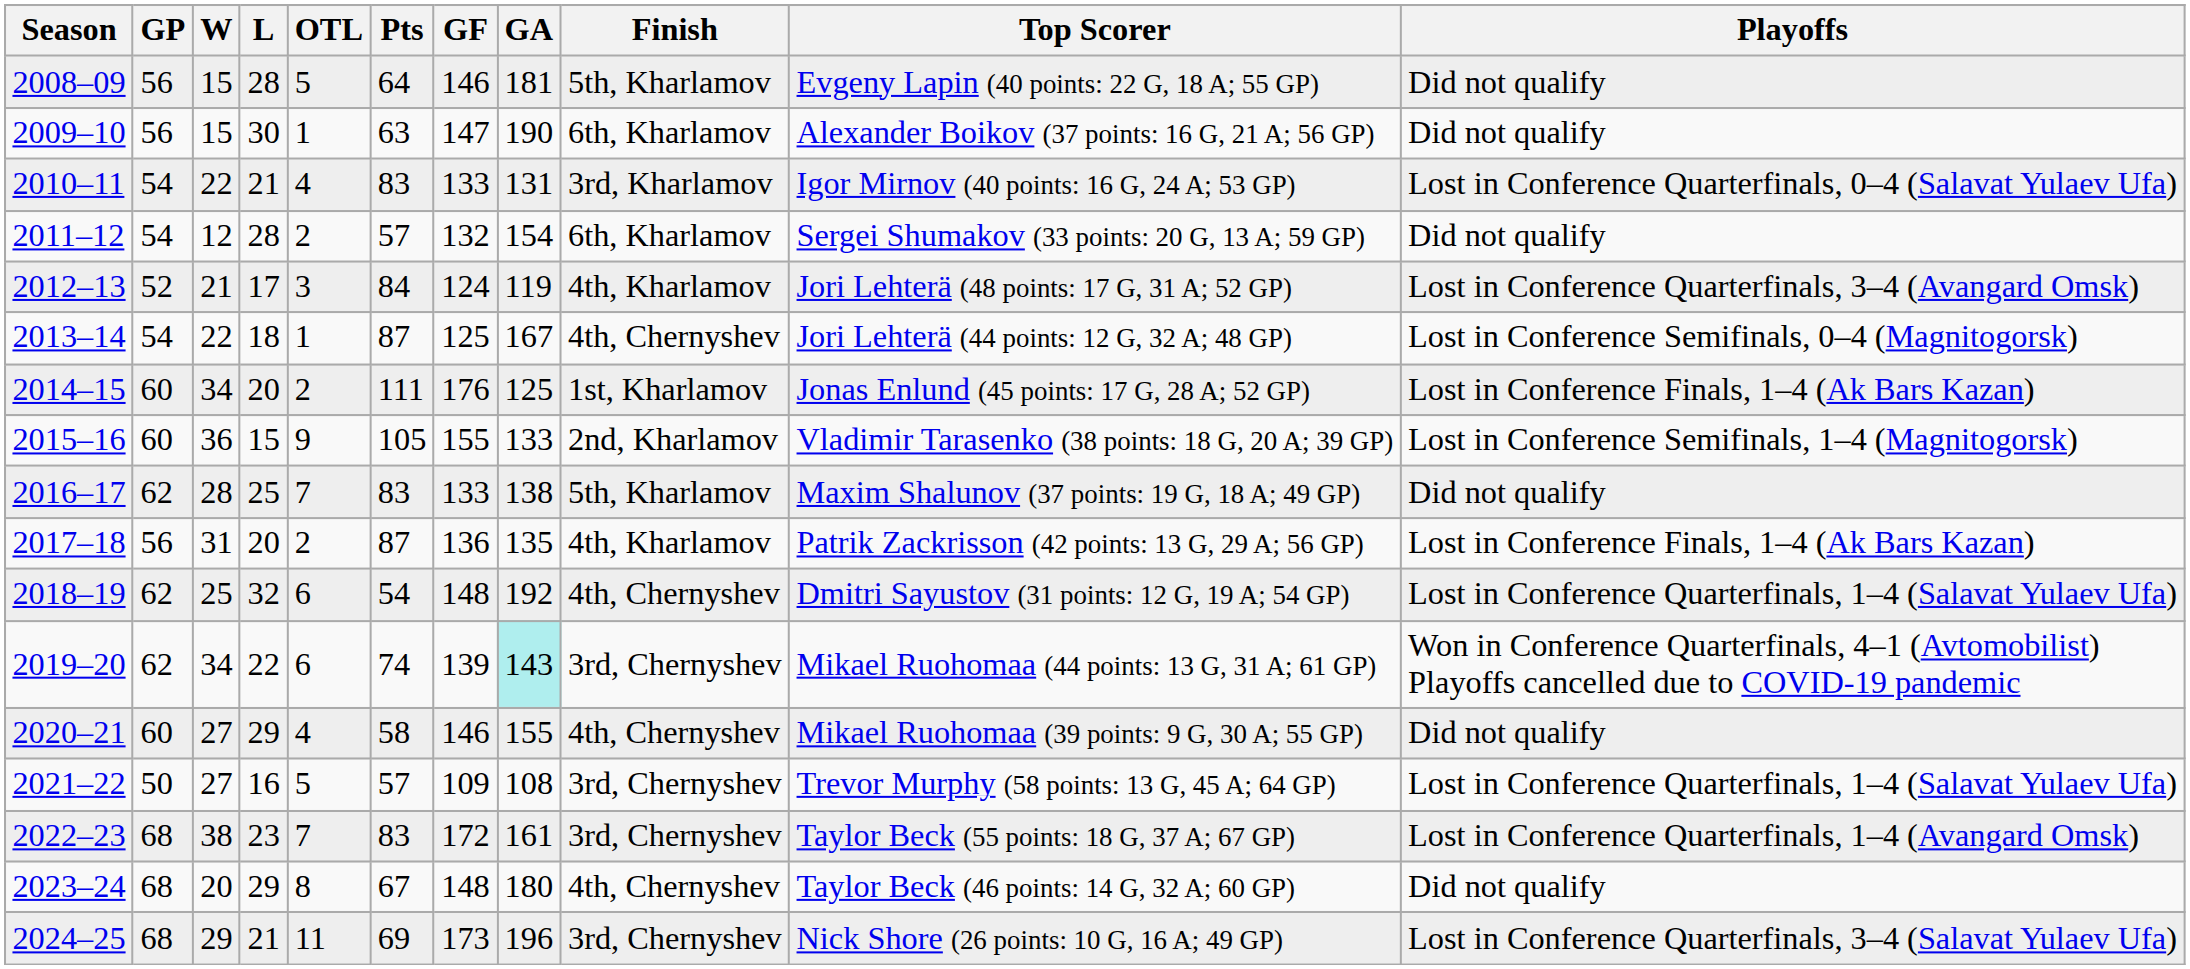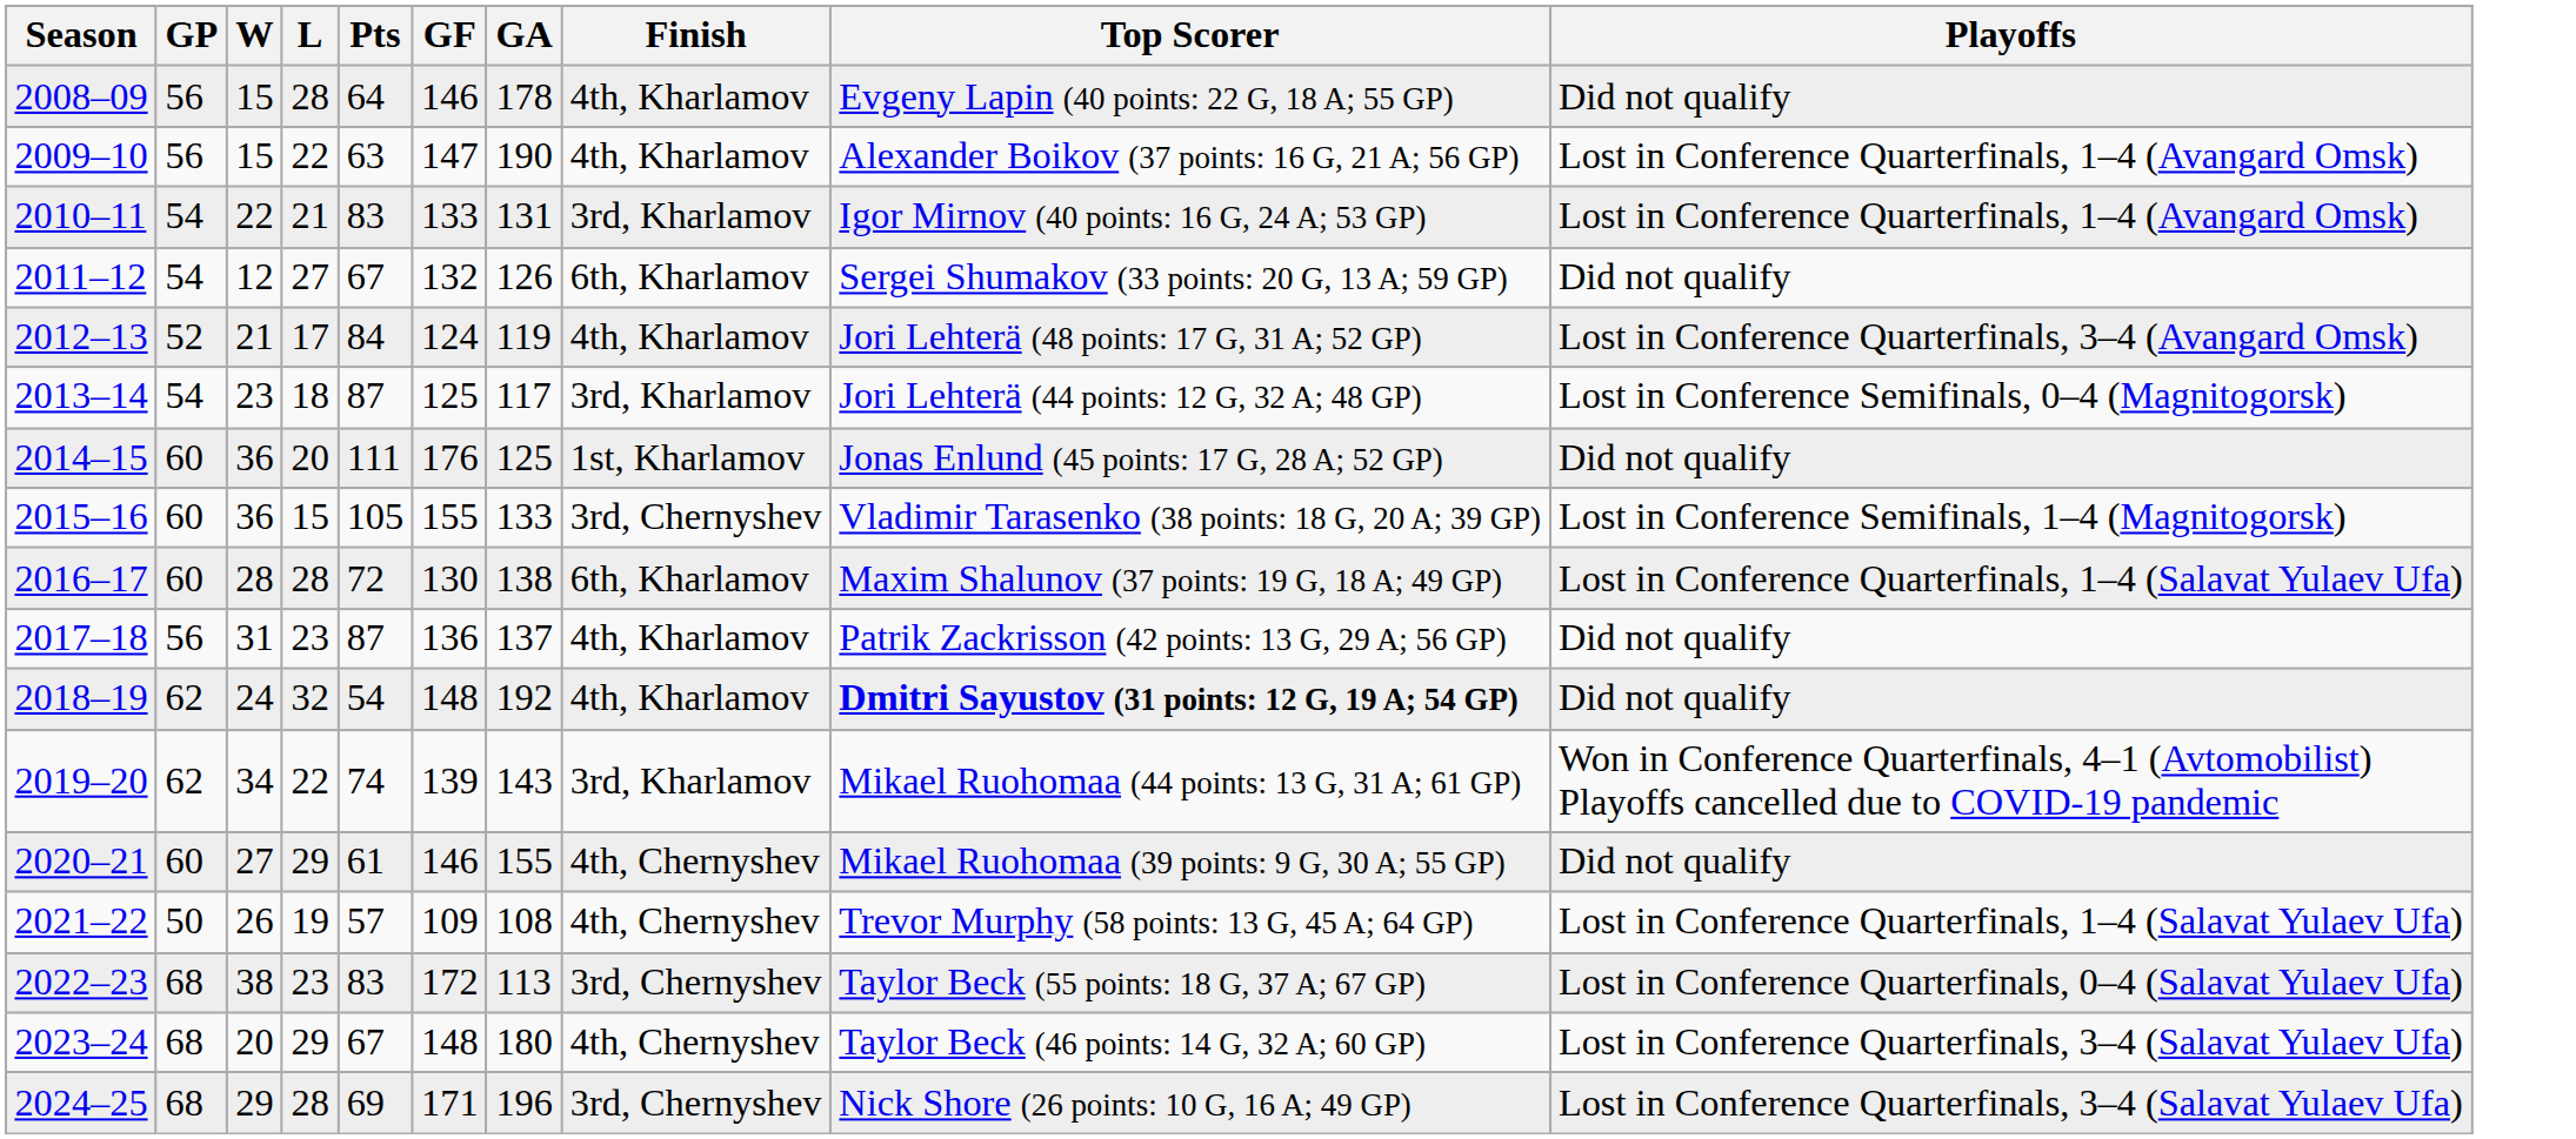 <table class="wikitable">
 <tr>
 <th>Season</th>
 <th>GP</th>
 <th>W</th>
 <th>L</th>
-<th>OTL</th>
 <th>Pts</th>
 <th>GF</th>
 <th>GA</th>
 <th>Finish</th>
 <th>Top Scorer</th>
 <th>Playoffs</th>
 </tr>
 <tr style="background:#eee;">
 <td><a href='#'>2008–09</a></td>
 <td>56</td>
 <td>15</td>
 <td>28</td>
-<td>5</td>
 <td>64</td>
 <td>146</td>
-<td>181</td>
-<td>5th, Kharlamov</td>
+<td>178</td>
+<td>4th, Kharlamov</td>
 <td><a href='#'>Evgeny Lapin</a> <small>(40 points: 22 G, 18 A; 55 GP)</small></td>
 <td>Did not qualify</td>
 </tr>
 <tr>
 <td><a href='#'>2009–10</a></td>
 <td>56</td>
 <td>15</td>
-<td>30</td>
-<td>1</td>
+<td>22</td>
 <td>63</td>
 <td>147</td>
 <td>190</td>
-<td>6th, Kharlamov</td>
+<td>4th, Kharlamov</td>
 <td><a href='#'>Alexander Boikov</a> <small>(37 points: 16 G, 21 A; 56 GP)</small></td>
-<td>Did not qualify</td>
+<td>Lost in Conference Quarterfinals, 1–4 (<a href='#'>Avangard Omsk</a>)</td>
 </tr>
 <tr style="background:#eee;">
 <td><a href='#'>2010–11</a></td>
 <td>54</td>
 <td>22</td>
 <td>21</td>
-<td>4</td>
 <td>83</td>
 <td>133</td>
 <td>131</td>
 <td>3rd, Kharlamov</td>
 <td><a href='#'>Igor Mirnov</a> <small>(40 points: 16 G, 24 A; 53 GP)</small></td>
-<td>Lost in Conference Quarterfinals, 0–4 (<a href='#'>Salavat Yulaev Ufa</a>)</td>
+<td>Lost in Conference Quarterfinals, 1–4 (<a href='#'>Avangard Omsk</a>)</td>
 </tr>
 <tr>
 <td><a href='#'>2011–12</a></td>
 <td>54</td>
 <td>12</td>
-<td>28</td>
-<td>2</td>
-<td>57</td>
+<td>27</td>
+<td>67</td>
 <td>132</td>
-<td>154</td>
+<td>126</td>
 <td>6th, Kharlamov</td>
 <td><a href='#'>Sergei Shumakov</a> <small>(33 points: 20 G, 13 A; 59 GP)</small></td>
 <td>Did not qualify</td>
 </tr>
 <tr style="background:#eee;">
 <td><a href='#'>2012–13</a></td>
 <td>52</td>
 <td>21</td>
 <td>17</td>
-<td>3</td>
 <td>84</td>
 <td>124</td>
 <td>119</td>
 <td>4th, Kharlamov</td>
 <td><a href='#'>Jori Lehterä</a> <small>(48 points: 17 G, 31 A; 52 GP)</small></td>
 <td>Lost in Conference Quarterfinals, 3–4 (<a href='#'>Avangard Omsk</a>)</td>
 </tr>
 <tr>
 <td><a href='#'>2013–14</a></td>
 <td>54</td>
-<td>22</td>
+<td>23</td>
 <td>18</td>
-<td>1</td>
 <td>87</td>
 <td>125</td>
-<td>167</td>
-<td>4th, Chernyshev</td>
+<td>117</td>
+<td>3rd, Kharlamov</td>
 <td><a href='#'>Jori Lehterä</a> <small>(44 points: 12 G, 32 A; 48 GP)</small></td>
 <td>Lost in Conference Semifinals, 0–4 (<a href='#'>Magnitogorsk</a>)</td>
 </tr>
 <tr style="background:#eee;">
 <td><a href='#'>2014–15</a></td>
 <td>60</td>
-<td>34</td>
+<td>36</td>
 <td>20</td>
-<td>2</td>
 <td>111</td>
 <td>176</td>
 <td>125</td>
 <td>1st, Kharlamov</td>
 <td><a href='#'>Jonas Enlund</a> <small>(45 points: 17 G, 28 A; 52 GP)</small></td>
-<td>Lost in Conference Finals, 1–4 (<a href='#'>Ak Bars Kazan</a>)</td>
+<td>Did not qualify</td>
 </tr>
 <tr>
 <td><a href='#'>2015–16</a></td>
 <td>60</td>
 <td>36</td>
 <td>15</td>
-<td>9</td>
 <td>105</td>
 <td>155</td>
 <td>133</td>
-<td>2nd, Kharlamov</td>
+<td>3rd, Chernyshev</td>
 <td><a href='#'>Vladimir Tarasenko</a> <small>(38 points: 18 G, 20 A; 39 GP)</small></td>
 <td>Lost in Conference Semifinals, 1–4 (<a href='#'>Magnitogorsk</a>)</td>
 </tr>
 <tr style="background:#eee;">
 <td><a href='#'>2016–17</a></td>
-<td>62</td>
+<td>60</td>
 <td>28</td>
-<td>25</td>
-<td>7</td>
-<td>83</td>
-<td>133</td>
+<td>28</td>
+<td>72</td>
+<td>130</td>
 <td>138</td>
-<td>5th, Kharlamov</td>
+<td>6th, Kharlamov</td>
 <td><a href='#'>Maxim Shalunov</a> <small>(37 points: 19 G, 18 A; 49 GP)</small></td>
-<td>Did not qualify</td>
+<td>Lost in Conference Quarterfinals, 1–4 (<a href='#'>Salavat Yulaev Ufa</a>)</td>
 </tr>
 <tr>
 <td><a href='#'>2017–18</a></td>
 <td>56</td>
 <td>31</td>
-<td>20</td>
-<td>2</td>
+<td>23</td>
 <td>87</td>
 <td>136</td>
-<td>135</td>
+<td>137</td>
 <td>4th, Kharlamov</td>
 <td><a href='#'>Patrik Zackrisson</a> <small>(42 points: 13 G, 29 A; 56 GP)</small></td>
-<td>Lost in Conference Finals, 1–4 (<a href='#'>Ak Bars Kazan</a>)</td>
+<td>Did not qualify</td>
 </tr>
 <tr style="background:#eee;">
 <td><a href='#'>2018–19</a></td>
 <td>62</td>
-<td>25</td>
+<td>24</td>
 <td>32</td>
-<td>6</td>
 <td>54</td>
 <td>148</td>
 <td>192</td>
-<td>4th, Chernyshev</td>
-<td><a href='#'>Dmitri Sayustov</a> <small>(31 points: 12 G, 19 A; 54 GP)</small></td>
-<td>Lost in Conference Quarterfinals, 1–4 (<a href='#'>Salavat Yulaev Ufa</a>)</td>
+<td>4th, Kharlamov</td>
+<td><strong><a href='#'>Dmitri Sayustov</a> <small>(31 points: 12 G, 19 A; 54 GP)</small></strong></td>
+<td>Did not qualify</td>
 </tr>
 <tr>
 <td><a href='#'>2019–20</a></td>
 <td>62</td>
 <td>34</td>
 <td>22</td>
-<td>6</td>
 <td>74</td>
 <td>139</td>
-<td style="background: paleturquoise;">143</td>
-<td>3rd, Chernyshev</td>
+<td>143</td>
+<td>3rd, Kharlamov</td>
 <td><a href='#'>Mikael Ruohomaa</a> <small>(44 points: 13 G, 31 A; 61 GP)</small></td>
 <td>Won in Conference Quarterfinals, 4–1 (<a href='#'>Avtomobilist</a>)<br>Playoffs cancelled due to <a href='#'>COVID-19 pandemic</a></td>
 </tr>
 <tr style="background:#eee;">
 <td><a href='#'>2020–21</a></td>
 <td>60</td>
 <td>27</td>
 <td>29</td>
-<td>4</td>
-<td>58</td>
+<td>61</td>
 <td>146</td>
 <td>155</td>
 <td>4th, Chernyshev</td>
 <td><a href='#'>Mikael Ruohomaa</a> <small>(39 points: 9 G, 30 A; 55 GP)</small></td>
 <td>Did not qualify</td>
 </tr>
 <tr>
 <td><a href='#'>2021–22</a></td>
 <td>50</td>
-<td>27</td>
-<td>16</td>
-<td>5</td>
+<td>26</td>
+<td>19</td>
 <td>57</td>
 <td>109</td>
 <td>108</td>
-<td>3rd, Chernyshev</td>
+<td>4th, Chernyshev</td>
 <td><a href='#'>Trevor Murphy</a> <small>(58 points: 13 G, 45 A; 64 GP)</small></td>
 <td>Lost in Conference Quarterfinals, 1–4 (<a href='#'>Salavat Yulaev Ufa</a>)</td>
 </tr>
 <tr style="background:#eee;">
 <td><a href='#'>2022–23</a></td>
 <td>68</td>
 <td>38</td>
 <td>23</td>
-<td>7</td>
 <td>83</td>
 <td>172</td>
-<td>161</td>
+<td>113</td>
 <td>3rd, Chernyshev</td>
 <td><a href='#'>Taylor Beck</a> <small>(55 points: 18 G, 37 A; 67 GP)</small></td>
-<td>Lost in Conference Quarterfinals, 1–4 (<a href='#'>Avangard Omsk</a>)</td>
+<td>Lost in Conference Quarterfinals, 0–4 (<a href='#'>Salavat Yulaev Ufa</a>)</td>
 </tr>
 <tr>
 <td><a href='#'>2023–24</a></td>
 <td>68</td>
 <td>20</td>
 <td>29</td>
-<td>8</td>
 <td>67</td>
 <td>148</td>
 <td>180</td>
 <td>4th, Chernyshev</td>
 <td><a href='#'>Taylor Beck</a> <small>(46 points: 14 G, 32 A; 60 GP)</small></td>
-<td>Did not qualify</td>
+<td>Lost in Conference Quarterfinals, 3–4 (<a href='#'>Salavat Yulaev Ufa</a>)</td>
 </tr>
 <tr style="background:#eee;">
 <td><a href='#'>2024–25</a></td>
 <td>68</td>
 <td>29</td>
-<td>21</td>
-<td>11</td>
+<td>28</td>
 <td>69</td>
-<td>173</td>
+<td>171</td>
 <td>196</td>
 <td>3rd, Chernyshev</td>
 <td><a href='#'>Nick Shore</a> <small>(26 points: 10 G, 16 A; 49 GP)</small></td>
 <td>Lost in Conference Quarterfinals, 3–4 (<a href='#'>Salavat Yulaev Ufa</a>)</td>
 </tr>
 </table>
